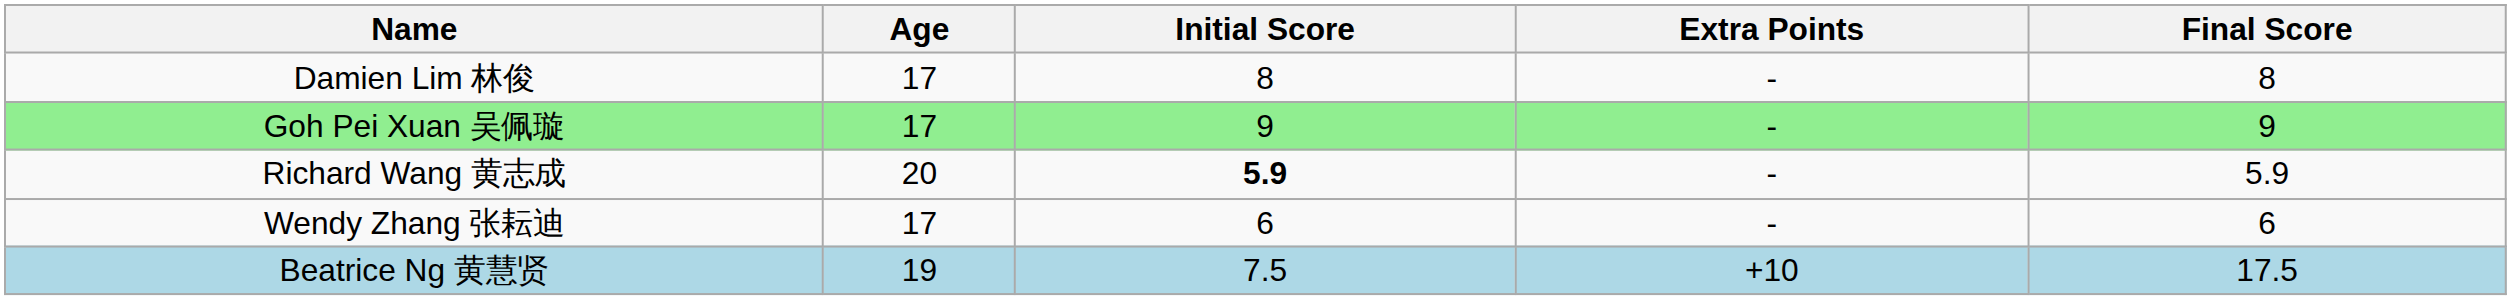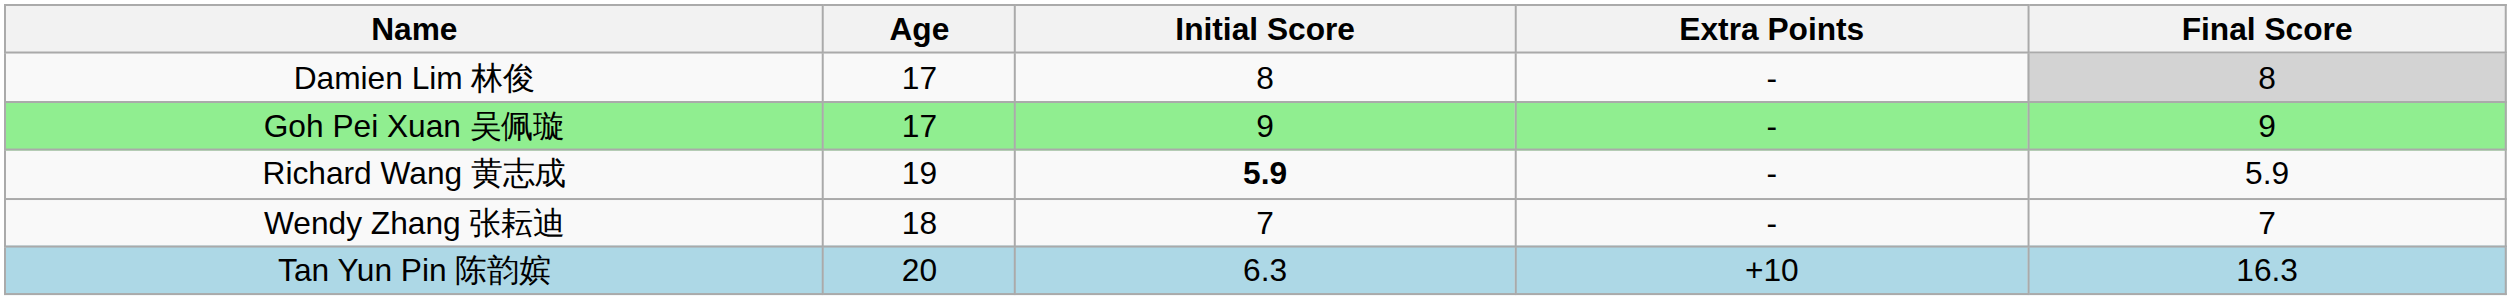 <table class="wikitable" style="text-align:center; line-height:17px; width:100%;">
 <tr>
 <th scope="col">Name</th>
 <th scope="col">Age</th>
 <th scope="col">Initial Score</th>
 <th scope="col">Extra Points</th>
 <th scope="col">Final Score</th>
 </tr>
 <tr>
 <td>Damien Lim 林俊</td>
 <td>17</td>
 <td>8</td>
 <td>-</td>
-<td>8</td>
+<td style="background: lightgrey;">8</td>
 </tr>
 <tr>
 <td style="background:lightgreen;">Goh Pei Xuan 吴佩璇</td>
 <td style="background:lightgreen;">17</td>
 <td style="background:lightgreen;">9</td>
 <td style="background:lightgreen;">-</td>
 <td style="background:lightgreen;">9</td>
 </tr>
 <tr>
 <td>Richard Wang 黄志成</td>
-<td>20</td>
+<td>19</td>
 <td><strong>5.9</strong></td>
 <td>-</td>
 <td>5.9</td>
 </tr>
 <tr>
 <td>Wendy Zhang 张耘迪</td>
-<td>17</td>
-<td>6</td>
+<td>18</td>
+<td>7</td>
 <td>-</td>
-<td>6</td>
+<td>7</td>
 </tr>
 <tr>
-<td style="background:lightblue;">Beatrice Ng 黄慧贤</td>
-<td style="background:lightblue;">19</td>
-<td style="background:lightblue;">7.5</td>
+<td style="background:lightblue;">Tan Yun Pin 陈韵嫔</td>
+<td style="background:lightblue;">20</td>
+<td style="background:lightblue;">6.3</td>
 <td style="background:lightblue;">+10</td>
-<td style="background:lightblue;">17.5</td>
+<td style="background:lightblue;">16.3</td>
 </tr>
 </table>
